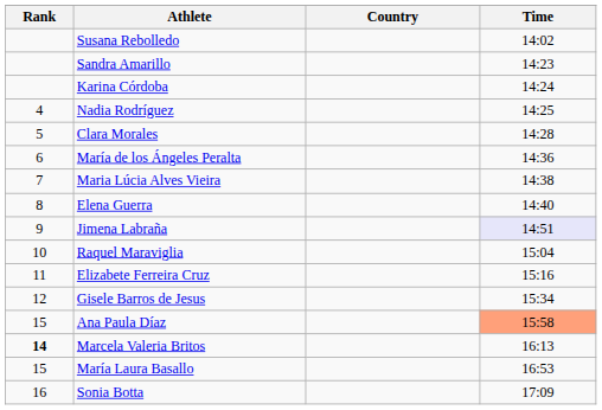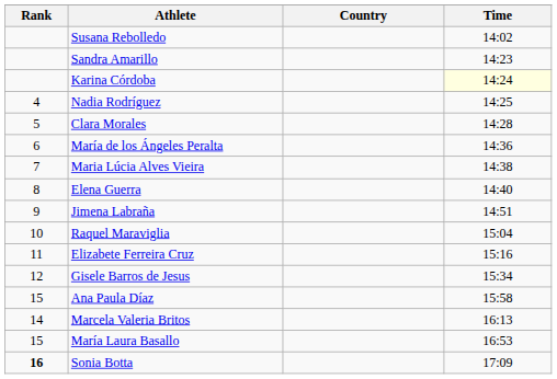 <table class="wikitable sortable" style=" text-align:center; font-size:95%;" width="50%">
 <tr>
 </tr>
 <tr>
 <th width=5%>Rank</th>
 <th width=20%>Athlete</th>
 <th width=15%>Country</th>
 <th width=10%>Time</th>
 </tr>
 <tr>
 <td align=center></td>
 <td align=left><a href='#'>Susana Rebolledo</a></td>
 <td align=left></td>
 <td>14:02</td>
 </tr>
 <tr>
 <td align=center></td>
 <td align=left><a href='#'>Sandra Amarillo</a></td>
 <td align=left></td>
 <td>14:23</td>
 </tr>
 <tr>
 <td align=center></td>
 <td align=left><a href='#'>Karina Córdoba</a></td>
 <td align=left></td>
-<td>14:24</td>
+<td style="background: lightyellow;">14:24</td>
 </tr>
 <tr>
 <td align=center>4</td>
 <td align=left><a href='#'>Nadia Rodríguez</a></td>
 <td align=left></td>
 <td>14:25</td>
 </tr>
 <tr>
 <td align=center>5</td>
 <td align=left><a href='#'>Clara Morales</a></td>
 <td align=left></td>
 <td>14:28</td>
 </tr>
 <tr>
 <td align=center>6</td>
 <td align=left><a href='#'>María de los Ángeles Peralta</a></td>
 <td align=left></td>
 <td>14:36</td>
 </tr>
 <tr>
 <td align=center>7</td>
 <td align=left><a href='#'>Maria Lúcia Alves Vieira</a></td>
 <td align=left></td>
 <td>14:38</td>
 </tr>
 <tr>
 <td align=center>8</td>
 <td align=left><a href='#'>Elena Guerra</a></td>
 <td align=left></td>
 <td>14:40</td>
 </tr>
 <tr>
 <td align=center>9</td>
 <td align=left><a href='#'>Jimena Labraña</a></td>
 <td align=left></td>
-<td style="background: lavender;">14:51</td>
+<td>14:51</td>
 </tr>
 <tr>
 <td align=center>10</td>
 <td align=left><a href='#'>Raquel Maraviglia</a></td>
 <td align=left></td>
 <td>15:04</td>
 </tr>
 <tr>
 <td align=center>11</td>
 <td align=left><a href='#'>Elizabete Ferreira Cruz</a></td>
 <td align=left></td>
 <td>15:16</td>
 </tr>
 <tr>
 <td align=center>12</td>
 <td align=left><a href='#'>Gisele Barros de Jesus</a></td>
 <td align=left></td>
 <td>15:34</td>
 </tr>
 <tr>
 <td align=center>15</td>
 <td align=left><a href='#'>Ana Paula Díaz</a></td>
 <td align=left></td>
-<td style="background: lightsalmon;">15:58</td>
+<td>15:58</td>
 </tr>
 <tr>
-<td align=center><strong>14</strong></td>
+<td align=center>14</td>
 <td align=left><a href='#'>Marcela Valeria Britos</a></td>
 <td align=left></td>
 <td>16:13</td>
 </tr>
 <tr>
 <td align=center>15</td>
 <td align=left><a href='#'>María Laura Basallo</a></td>
 <td align=left></td>
 <td>16:53</td>
 </tr>
 <tr>
-<td align=center>16</td>
+<td align=center><strong>16</strong></td>
 <td align=left><a href='#'>Sonia Botta</a></td>
 <td align=left></td>
 <td>17:09</td>
 </tr>
 </table>
